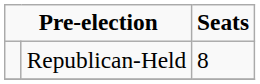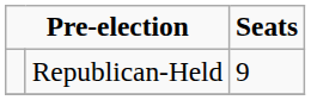 <table class= "wikitable">
 <tr>
 <td colspan= "2" rowspan= "1" align= "center" valign= "top"><strong>Pre-election</strong></td>
 <td valign= "top"><strong>Seats</strong><br></td>
 </tr>
 <tr>
 <td style="background-color:"> </td>
 <td>Republican-Held</td>
-<td>8</td>
+<td>9</td>
 </tr>
 <tr>
 </tr>
 </table>
